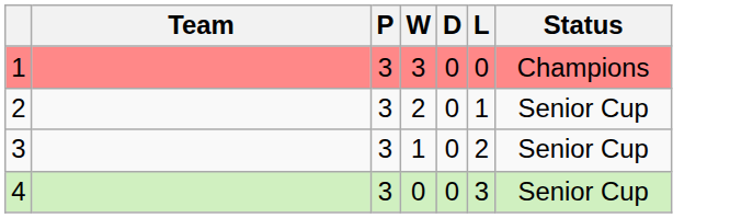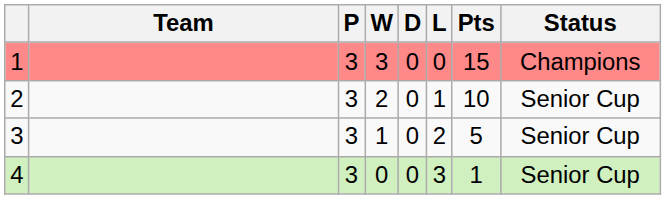 <table class="wikitable" style="text-align:center;">
 <tr>
 <th></th>
 <th width="200px">Team</th>
 <th>P</th>
 <th>W</th>
 <th>D</th>
 <th>L</th>
+<th width="23px">Pts</th>
 <th width="100px">Status</th>
 </tr>
 <tr bgcolor="#FF8888">
 <td>1</td>
 <td></td>
 <td>3</td>
 <td>3</td>
 <td>0</td>
 <td>0</td>
+<td>15</td>
 <td>Champions</td>
 </tr>
 <tr>
 <td>2</td>
 <td></td>
 <td>3</td>
 <td>2</td>
 <td>0</td>
 <td>1</td>
+<td>10</td>
 <td>Senior Cup</td>
 </tr>
 <tr>
 <td>3</td>
 <td></td>
 <td>3</td>
 <td>1</td>
 <td>0</td>
 <td>2</td>
+<td>5</td>
 <td>Senior Cup</td>
 </tr>
 <tr bgcolor="#D0F0C0">
 <td>4</td>
 <td></td>
 <td>3</td>
 <td>0</td>
 <td>0</td>
 <td>3</td>
+<td>1</td>
 <td>Senior Cup</td>
 </tr>
 </table>
